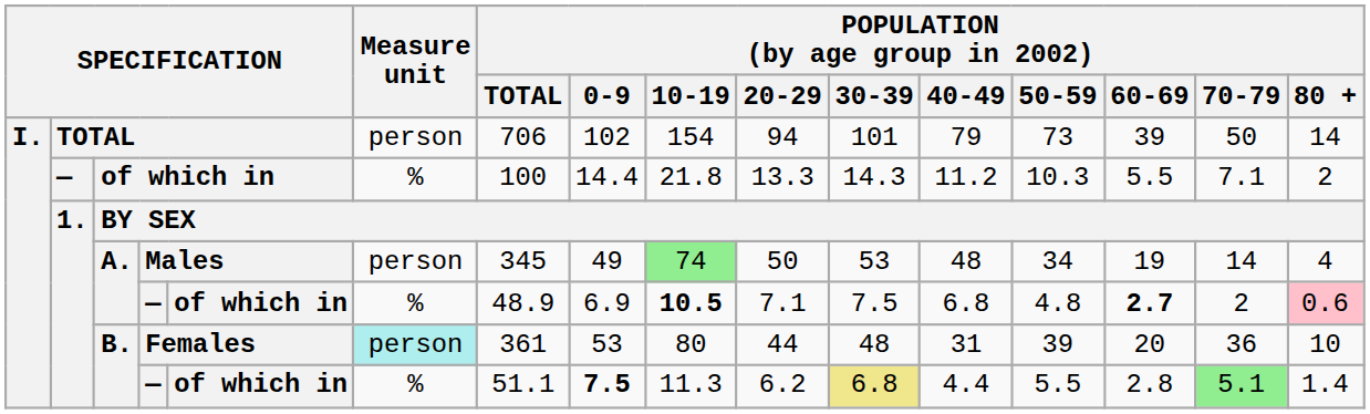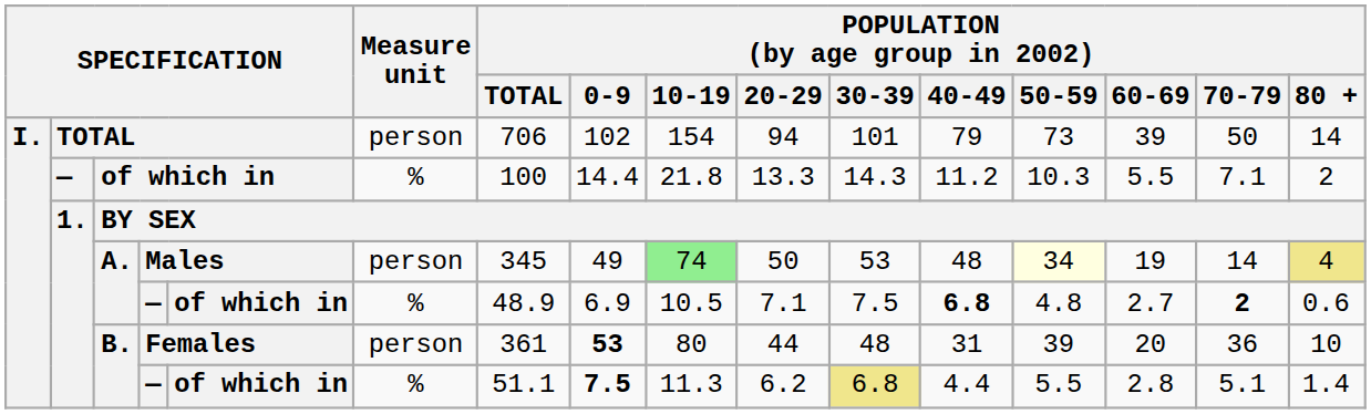 <table class="wikitable" style="font-size:85%; text-align:center">
 <tr>
 <th rowspan="2" colspan="5">SPECIFICATION</th>
 <th rowspan="2">Measure<br> unit</th>
 <th colspan="10" rowspan="1">POPULATION<br> (by age group in 2002)</th>
 </tr>
 <tr>
 <th>TOTAL</th>
 <th>0-9</th>
 <th>10-19</th>
 <th>20-29</th>
 <th>30-39</th>
 <th>40-49</th>
 <th>50-59</th>
 <th>60-69</th>
 <th>70-79</th>
 <th>80 +</th>
 </tr>
 <tr>
 <th style="text-align:left" valign="top" rowspan="7">I.</th>
 <th style="text-align:left" colspan="4">TOTAL</th>
 <td>person</td>
 <td>706</td>
 <td>102</td>
 <td>154</td>
 <td>94</td>
 <td>101</td>
 <td>79</td>
 <td>73</td>
 <td>39</td>
 <td>50</td>
 <td>14</td>
 </tr>
 <tr>
 <th style="text-align:left" valign="top">—</th>
 <th style="text-align:left" colspan="3">of which in</th>
 <td>%</td>
 <td>100</td>
 <td>14.4</td>
 <td>21.8</td>
 <td>13.3</td>
 <td>14.3</td>
 <td>11.2</td>
 <td>10.3</td>
 <td>5.5</td>
 <td>7.1</td>
 <td>2</td>
 </tr>
 <tr>
 <th style="text-align:left" valign="top" rowspan="5">1.</th>
 <th style="text-align:left" colspan="14">BY SEX</th>
 </tr>
 <tr>
 <th style="text-align:left" valign="top" rowspan="2">A.</th>
 <th style="text-align:left" colspan="2">Males</th>
 <td>person</td>
 <td>345</td>
 <td>49</td>
 <td style="background: lightgreen;">74</td>
 <td>50</td>
 <td>53</td>
 <td>48</td>
-<td>34</td>
+<td style="background: lightyellow;">34</td>
 <td>19</td>
 <td>14</td>
-<td>4</td>
+<td style="background: khaki;">4</td>
 </tr>
 <tr>
 <th style="text-align:left" valign="top">—</th>
 <th style="text-align:left" colspan="1">of which in</th>
 <td>%</td>
 <td>48.9</td>
 <td>6.9</td>
-<td><strong>10.5</strong></td>
+<td>10.5</td>
 <td>7.1</td>
 <td>7.5</td>
-<td>6.8</td>
+<td><strong>6.8</strong></td>
 <td>4.8</td>
-<td><strong>2.7</strong></td>
-<td>2</td>
-<td style="background: pink;">0.6</td>
+<td>2.7</td>
+<td><strong>2</strong></td>
+<td>0.6</td>
 </tr>
 <tr>
 <th style="text-align:left" valign="top" rowspan="2">B.</th>
 <th style="text-align:left" colspan="2">Females</th>
-<td style="background: paleturquoise;">person</td>
+<td>person</td>
 <td>361</td>
-<td>53</td>
+<td><strong>53</strong></td>
 <td>80</td>
 <td>44</td>
 <td>48</td>
 <td>31</td>
 <td>39</td>
 <td>20</td>
 <td>36</td>
 <td>10</td>
 </tr>
 <tr>
 <th style="text-align:left" valign="top">—</th>
 <th style="text-align:left" colspan="1">of which in</th>
 <td>%</td>
 <td>51.1</td>
 <td><strong>7.5</strong></td>
 <td>11.3</td>
 <td>6.2</td>
 <td style="background: khaki;">6.8</td>
 <td>4.4</td>
 <td>5.5</td>
 <td>2.8</td>
-<td style="background: lightgreen;">5.1</td>
+<td>5.1</td>
 <td>1.4</td>
 </tr>
 </table>
